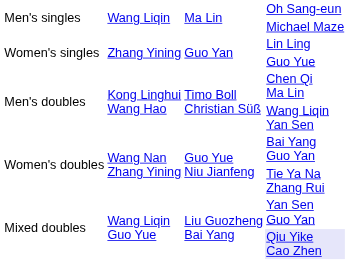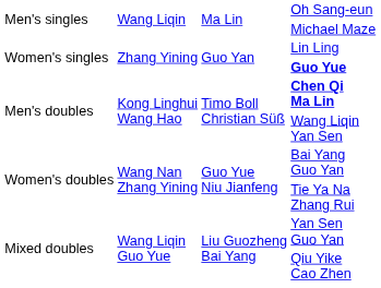 <table>
 <tr>
 <td rowspan=2>Men's singles<br></td>
 <td rowspan=2> <a href='#'>Wang Liqin</a></td>
 <td rowspan=2> <a href='#'>Ma Lin</a></td>
 <td> <a href='#'>Oh Sang-eun</a></td>
 </tr>
 <tr>
 <td> <a href='#'>Michael Maze</a></td>
 </tr>
 <tr>
 <td rowspan=2>Women's singles<br></td>
 <td rowspan=2> <a href='#'>Zhang Yining</a></td>
 <td rowspan=2> <a href='#'>Guo Yan</a></td>
 <td> <a href='#'>Lin Ling</a></td>
 </tr>
 <tr>
-<td> <a href='#'>Guo Yue</a></td>
+<td><strong> <a href='#'>Guo Yue</a></strong></td>
 </tr>
 <tr>
 <td rowspan=2>Men's doubles<br></td>
 <td rowspan=2> <a href='#'>Kong Linghui</a><br> <a href='#'>Wang Hao</a></td>
 <td rowspan=2> <a href='#'>Timo Boll</a><br> <a href='#'>Christian Süß</a></td>
-<td> <a href='#'>Chen Qi</a><br> <a href='#'>Ma Lin</a></td>
+<td><strong> <a href='#'>Chen Qi</a><br> <a href='#'>Ma Lin</a></strong></td>
 </tr>
 <tr>
 <td> <a href='#'>Wang Liqin</a><br> <a href='#'>Yan Sen</a></td>
 </tr>
 <tr>
 <td rowspan=2>Women's doubles<br></td>
 <td rowspan=2> <a href='#'>Wang Nan</a><br> <a href='#'>Zhang Yining</a></td>
 <td rowspan=2> <a href='#'>Guo Yue</a><br> <a href='#'>Niu Jianfeng</a></td>
 <td> <a href='#'>Bai Yang</a><br> <a href='#'>Guo Yan</a></td>
 </tr>
 <tr>
 <td> <a href='#'>Tie Ya Na</a><br> <a href='#'>Zhang Rui</a></td>
 </tr>
 <tr>
 <td rowspan=2>Mixed doubles<br></td>
 <td rowspan=2> <a href='#'>Wang Liqin</a><br> <a href='#'>Guo Yue</a></td>
 <td rowspan=2> <a href='#'>Liu Guozheng</a><br> <a href='#'>Bai Yang</a></td>
 <td> <a href='#'>Yan Sen</a><br> <a href='#'>Guo Yan</a></td>
 </tr>
 <tr>
-<td style="background: lavender;"> <a href='#'>Qiu Yike</a><br> <a href='#'>Cao Zhen</a></td>
+<td> <a href='#'>Qiu Yike</a><br> <a href='#'>Cao Zhen</a></td>
 </tr>
 </table>
